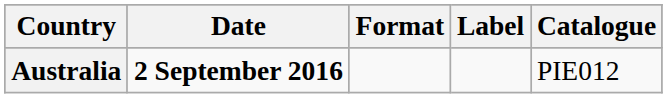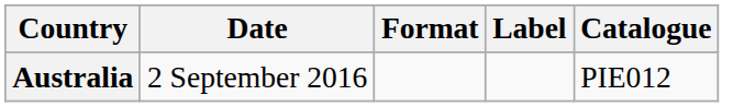 <table class="wikitable plainrowheaders">
 <tr>
 <th>Country</th>
 <th>Date</th>
 <th>Format</th>
 <th>Label</th>
 <th>Catalogue</th>
 </tr>
 <tr>
 <th rowspan="1" scope="row">Australia</th>
-<td><strong>2 September 2016</strong></td>
+<td>2 September 2016</td>
 <td rowspan="2" scope="row"></td>
 <td></td>
 <td>PIE012</td>
 </tr>
 </table>
